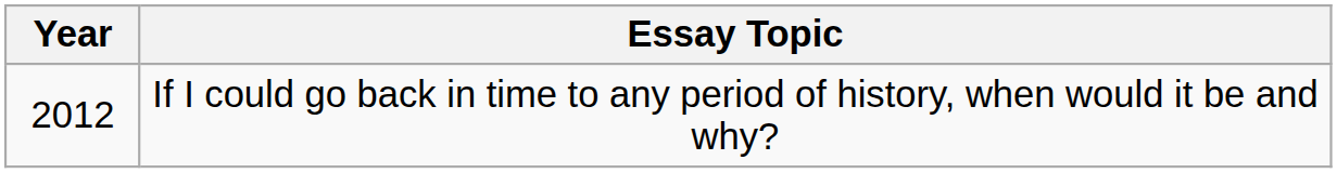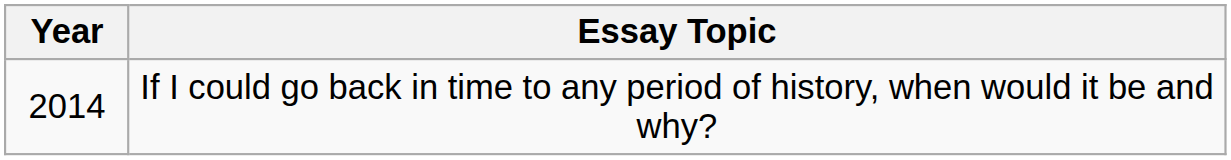 <table class="wikitable" style="text-align:center;">
 <tr>
 <th width=50>Year</th>
 <th width=500>Essay Topic</th>
 </tr>
 <tr>
-<td>2012</td>
+<td>2014</td>
 <td>If I could go back in time to any period of history, when would it be and why?</td>
 </tr>
 </table>
